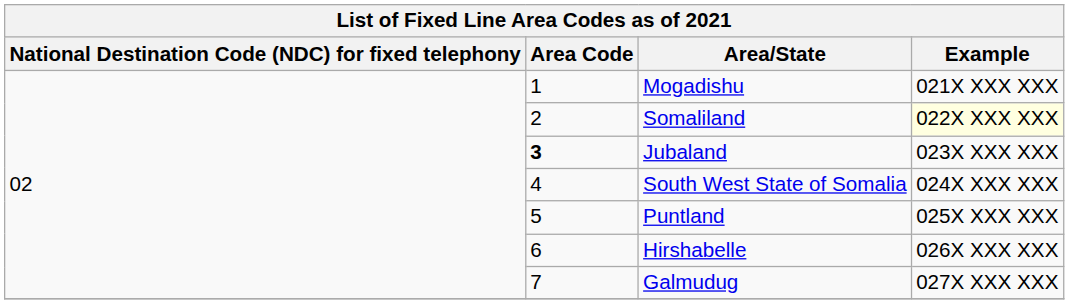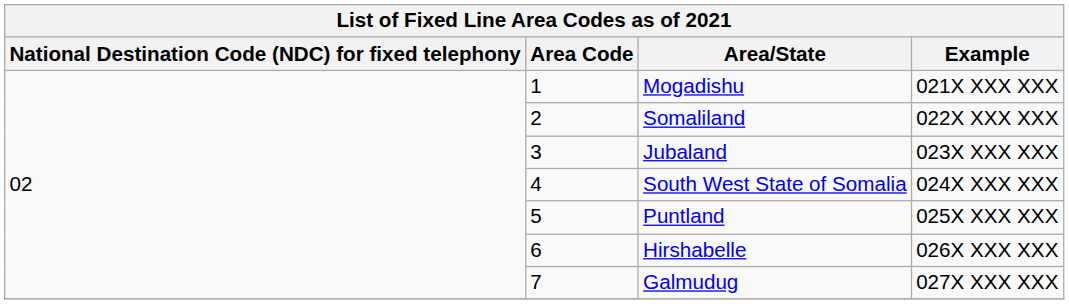 <table class="wikitable" border=1>
 <tr>
 <th colspan="4">List of Fixed Line Area Codes as of 2021</th>
 </tr>
 <tr>
 <th>National Destination Code (NDC) for fixed telephony</th>
 <th>Area Code</th>
 <th>Area/State</th>
 <th>Example</th>
 </tr>
 <tr>
 <td rowspan="7">02</td>
 <td>1</td>
 <td><a href='#'>Mogadishu</a></td>
 <td>021X XXX XXX</td>
 </tr>
 <tr>
 <td>2</td>
 <td><a href='#'>Somaliland</a></td>
-<td style="background: lightyellow;">022X XXX XXX</td>
+<td>022X XXX XXX</td>
 </tr>
 <tr>
-<td><strong>3</strong></td>
+<td>3</td>
 <td><a href='#'>Jubaland</a></td>
 <td>023X XXX XXX</td>
 </tr>
 <tr>
 <td>4</td>
 <td><a href='#'>South West State of Somalia</a></td>
 <td>024X XXX XXX</td>
 </tr>
 <tr>
 <td>5</td>
 <td><a href='#'>Puntland</a></td>
 <td>025X XXX XXX</td>
 </tr>
 <tr>
 <td>6</td>
 <td><a href='#'>Hirshabelle</a></td>
 <td>026X XXX XXX</td>
 </tr>
 <tr>
 <td>7</td>
 <td><a href='#'>Galmudug</a></td>
 <td>027X XXX XXX</td>
 </tr>
 <tr>
 </tr>
 </table>
